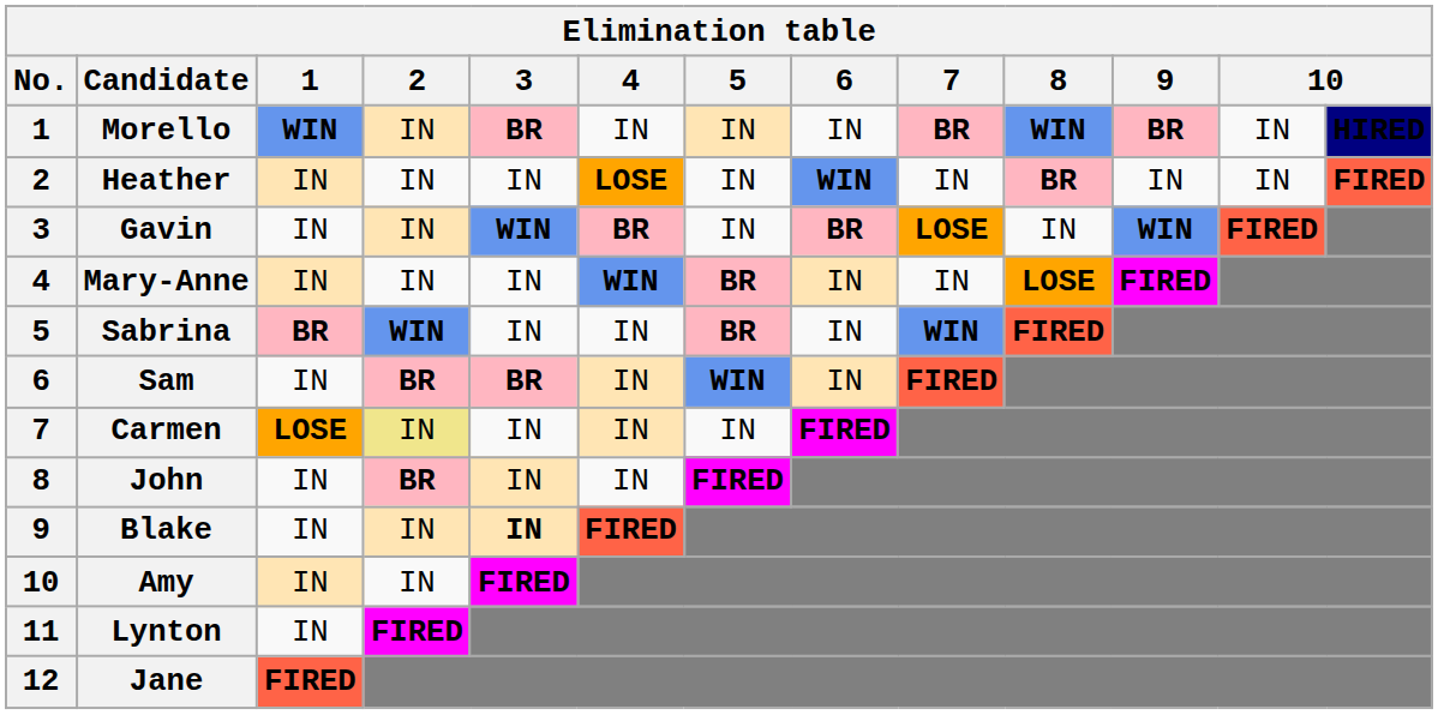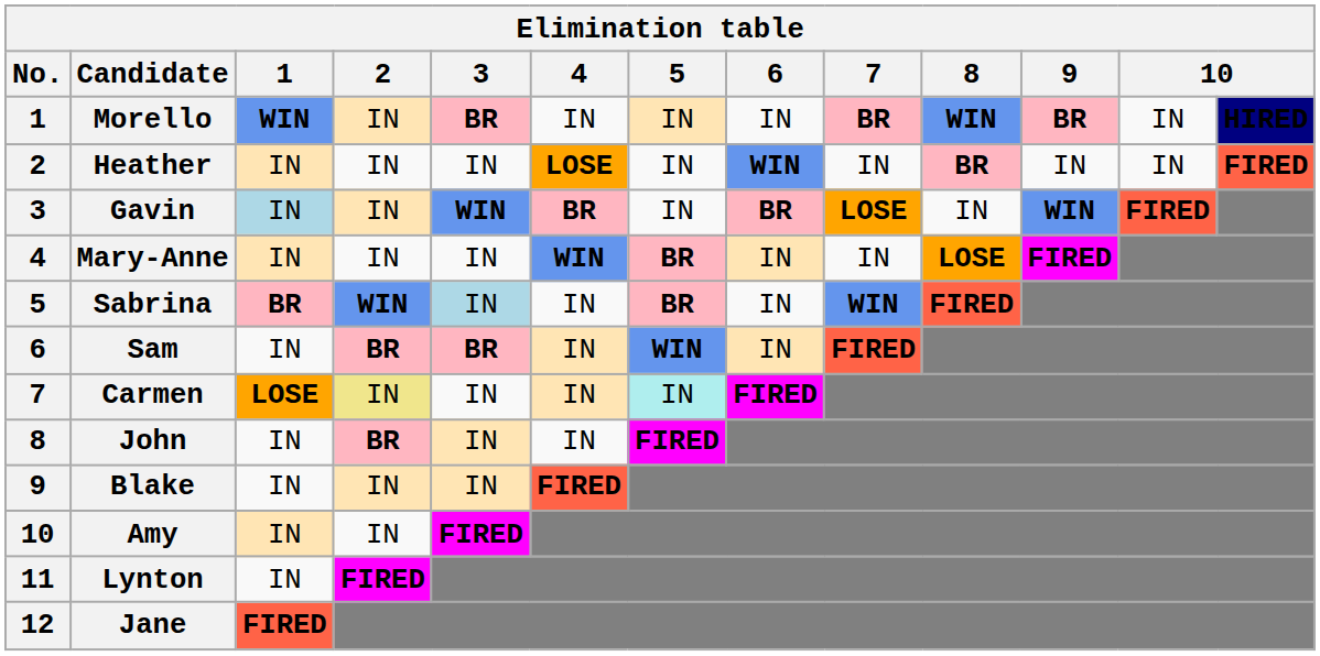 <table class="wikitable" style="text-align:center">
 <tr>
 <th colspan=13>Elimination table</th>
 </tr>
 <tr>
 <th>No.</th>
 <th>Candidate</th>
 <th>1</th>
 <th>2</th>
 <th>3</th>
 <th>4</th>
 <th>5</th>
 <th>6</th>
 <th>7</th>
 <th>8</th>
 <th>9</th>
 <th colspan=2>10</th>
 </tr>
 <tr>
 <th>1</th>
 <th>Morello</th>
 <td style="background:cornflowerblue;"><strong>WIN</strong></td>
 <td style="background:#FFE5B4;">IN</td>
 <td style="background:lightpink;"><strong>BR</strong></td>
 <td>IN</td>
 <td style="background:#FFE5B4;">IN</td>
 <td>IN</td>
 <td style="background:lightpink;"><strong>BR</strong></td>
 <td style="background:cornflowerblue;"><strong>WIN</strong></td>
 <td style="background:lightpink;"><strong>BR</strong></td>
 <td>IN</td>
 <td style="background:navy;"><span> <strong>HIRED</strong> </span></td>
 </tr>
 <tr>
 <th>2</th>
 <th>Heather</th>
 <td style="background:#FFE5B4;">IN</td>
 <td>IN</td>
 <td>IN</td>
 <td style="background:orange;"><strong>LOSE</strong></td>
 <td>IN</td>
 <td style="background:cornflowerblue;"><strong>WIN</strong></td>
 <td>IN</td>
 <td style="background:lightpink;"><strong>BR</strong></td>
 <td>IN</td>
 <td>IN</td>
 <td style="background:tomato;"><strong>FIRED</strong></td>
 </tr>
 <tr>
 <th>3</th>
 <th>Gavin</th>
-<td>IN</td>
+<td style="background: lightblue;">IN</td>
 <td style="background:#FFE5B4;">IN</td>
 <td style="background:cornflowerblue;"><strong>WIN</strong></td>
 <td style="background:lightpink;"><strong>BR</strong></td>
 <td>IN</td>
 <td style="background:lightpink;"><strong>BR</strong></td>
 <td style="background:orange;"><strong>LOSE</strong></td>
 <td>IN</td>
 <td style="background:cornflowerblue;"><strong>WIN</strong></td>
 <td style="background:tomato;"><strong>FIRED</strong></td>
 <td colspan="2" style="background:gray;"></td>
 </tr>
 <tr>
 <th>4</th>
 <th>Mary-Anne</th>
 <td style="background:#FFE5B4;">IN</td>
 <td>IN</td>
 <td>IN</td>
 <td style="background:cornflowerblue;"><strong>WIN</strong></td>
 <td style="background:lightpink;"><strong>BR</strong></td>
 <td style="background:#FFE5B4;">IN</td>
 <td>IN</td>
 <td style="background:orange;"><strong>LOSE</strong></td>
 <td style="background:magenta;"><strong>FIRED</strong></td>
 <td colspan="3" style="background:gray;"></td>
 </tr>
 <tr>
 <th>5</th>
 <th>Sabrina</th>
 <td style="background:lightpink;"><strong>BR</strong></td>
 <td style="background:cornflowerblue;"><strong>WIN</strong></td>
-<td>IN</td>
+<td style="background: lightblue;">IN</td>
 <td>IN</td>
 <td style="background:lightpink;"><strong>BR</strong></td>
 <td>IN</td>
 <td style="background:cornflowerblue;"><strong>WIN</strong></td>
 <td style="background:tomato;"><strong>FIRED</strong></td>
 <td colspan="4" style="background:gray;"></td>
 </tr>
 <tr>
 <th>6</th>
 <th>Sam</th>
 <td>IN</td>
 <td style="background:lightpink;"><strong>BR</strong></td>
 <td style="background:lightpink;"><strong>BR</strong></td>
 <td style="background:#FFE5B4;">IN</td>
 <td style="background:cornflowerblue;"><strong>WIN</strong></td>
 <td style="background:#FFE5B4;">IN</td>
 <td style="background:tomato;"><strong>FIRED</strong></td>
 <td colspan="5" style="background:gray;"></td>
 </tr>
 <tr>
 <th>7</th>
 <th>Carmen</th>
 <td style="background:orange;"><strong>LOSE</strong></td>
 <td style="background: khaki;">IN</td>
 <td>IN</td>
 <td style="background:#FFE5B4;">IN</td>
-<td>IN</td>
+<td style="background: paleturquoise;">IN</td>
 <td style="background:magenta;"><strong>FIRED</strong></td>
 <td colspan="6" style="background:gray;"></td>
 </tr>
 <tr>
 <th>8</th>
 <th>John</th>
 <td>IN</td>
 <td style="background:lightpink;"><strong>BR</strong></td>
 <td style="background:#FFE5B4;">IN</td>
 <td>IN</td>
 <td style="background:magenta;"><strong>FIRED</strong></td>
 <td colspan="7" style="background:gray;"></td>
 </tr>
 <tr>
 <th>9</th>
 <th>Blake</th>
 <td>IN</td>
 <td style="background:#FFE5B4;">IN</td>
-<td style="background:#FFE5B4;"><strong>IN</strong></td>
+<td style="background:#FFE5B4;">IN</td>
 <td style="background:tomato;"><strong>FIRED</strong></td>
 <td colspan="8" style="background:gray;"></td>
 </tr>
 <tr>
 <th>10</th>
 <th>Amy</th>
 <td style="background:#FFE5B4;">IN</td>
 <td>IN</td>
 <td style="background:magenta;"><strong>FIRED</strong></td>
 <td colspan="9" style="background:gray;"></td>
 </tr>
 <tr>
 <th>11</th>
 <th>Lynton</th>
 <td>IN</td>
 <td style="background:magenta;"><strong>FIRED</strong></td>
 <td colspan="10" style="background:gray;"></td>
 </tr>
 <tr>
 <th>12</th>
 <th>Jane</th>
 <td style="background:tomato;"><strong>FIRED</strong></td>
 <td colspan="11" style="background:gray;"></td>
 </tr>
 </table>
